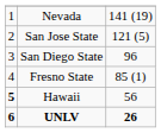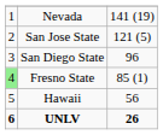 <table class="wikitable" style="display: inline-table;">
 <tr align="center">
 </tr>
 <tr align="center">
 <td>1</td>
 <td>Nevada</td>
 <td>141 (19)</td>
 </tr>
 <tr align="center">
 <td>2</td>
 <td>San Jose State</td>
 <td>121 (5)</td>
 </tr>
 <tr align="center">
 <td>3</td>
 <td>San Diego State</td>
 <td>96</td>
 </tr>
 <tr align="center">
-<td>4</td>
+<td style="background: lightgreen;">4</td>
 <td>Fresno State</td>
 <td>85 (1)</td>
 </tr>
 <tr align="center">
-<td><strong>5</strong></td>
+<td>5</td>
 <td>Hawaii</td>
 <td>56</td>
 </tr>
 <tr align="center">
 <td><strong>6</strong></td>
 <td><strong>UNLV</strong></td>
 <td><strong>26</strong></td>
 </tr>
 </table>
